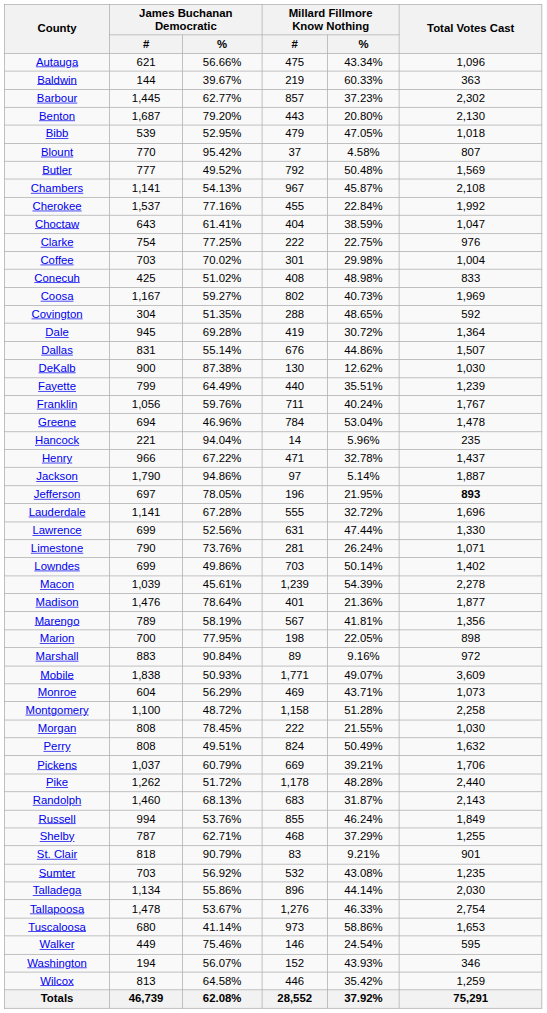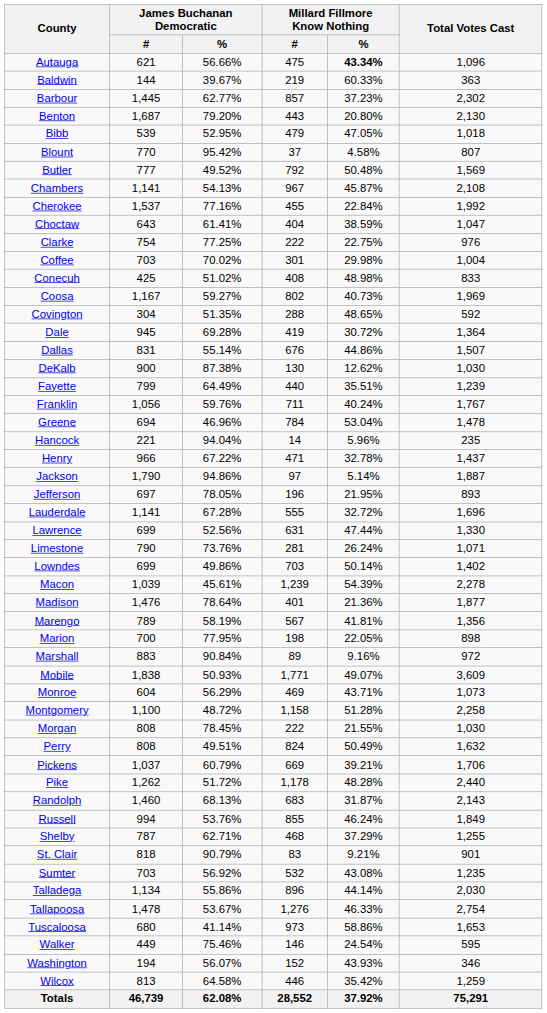 <table class="wikitable sortable" width="60%">
 <tr>
 <th rowspan="2">County</th>
 <th colspan="2">James Buchanan<br>Democratic</th>
 <th colspan="2">Millard Fillmore<br>Know Nothing</th>
 <th rowspan="2">Total Votes Cast</th>
 </tr>
 <tr>
 <th data-sort-type="number" style="text-align:center;">#</th>
 <th data-sort-type="number" style="text-align:center;">%</th>
 <th data-sort-type="number" style="text-align:center;">#</th>
 <th data-sort-type="number" style="text-align:center;">%</th>
 </tr>
 <tr style="text-align:center;">
 <td><a href='#'>Autauga</a></td>
 <td>621</td>
 <td>56.66%</td>
 <td>475</td>
-<td>43.34%</td>
+<td><strong>43.34%</strong></td>
 <td>1,096</td>
 </tr>
 <tr style="text-align:center;">
 <td><a href='#'>Baldwin</a></td>
 <td>144</td>
 <td>39.67%</td>
 <td>219</td>
 <td>60.33%</td>
 <td>363</td>
 </tr>
 <tr style="text-align:center;">
 <td><a href='#'>Barbour</a></td>
 <td>1,445</td>
 <td>62.77%</td>
 <td>857</td>
 <td>37.23%</td>
 <td>2,302</td>
 </tr>
 <tr style="text-align:center;">
 <td><a href='#'>Benton</a></td>
 <td>1,687</td>
 <td>79.20%</td>
 <td>443</td>
 <td>20.80%</td>
 <td>2,130</td>
 </tr>
 <tr style="text-align:center;">
 <td><a href='#'>Bibb</a></td>
 <td>539</td>
 <td>52.95%</td>
 <td>479</td>
 <td>47.05%</td>
 <td>1,018</td>
 </tr>
 <tr style="text-align:center;">
 <td><a href='#'>Blount</a></td>
 <td>770</td>
 <td>95.42%</td>
 <td>37</td>
 <td>4.58%</td>
 <td>807</td>
 </tr>
 <tr style="text-align:center;">
 <td><a href='#'>Butler</a></td>
 <td>777</td>
 <td>49.52%</td>
 <td>792</td>
 <td>50.48%</td>
 <td>1,569</td>
 </tr>
 <tr style="text-align:center;">
 <td><a href='#'>Chambers</a></td>
 <td>1,141</td>
 <td>54.13%</td>
 <td>967</td>
 <td>45.87%</td>
 <td>2,108</td>
 </tr>
 <tr style="text-align:center;">
 <td><a href='#'>Cherokee</a></td>
 <td>1,537</td>
 <td>77.16%</td>
 <td>455</td>
 <td>22.84%</td>
 <td>1,992</td>
 </tr>
 <tr style="text-align:center;">
 <td><a href='#'>Choctaw</a></td>
 <td>643</td>
 <td>61.41%</td>
 <td>404</td>
 <td>38.59%</td>
 <td>1,047</td>
 </tr>
 <tr style="text-align:center;">
 <td><a href='#'>Clarke</a></td>
 <td>754</td>
 <td>77.25%</td>
 <td>222</td>
 <td>22.75%</td>
 <td>976</td>
 </tr>
 <tr style="text-align:center;">
 <td><a href='#'>Coffee</a></td>
 <td>703</td>
 <td>70.02%</td>
 <td>301</td>
 <td>29.98%</td>
 <td>1,004</td>
 </tr>
 <tr style="text-align:center;">
 <td><a href='#'>Conecuh</a></td>
 <td>425</td>
 <td>51.02%</td>
 <td>408</td>
 <td>48.98%</td>
 <td>833</td>
 </tr>
 <tr style="text-align:center;">
 <td><a href='#'>Coosa</a></td>
 <td>1,167</td>
 <td>59.27%</td>
 <td>802</td>
 <td>40.73%</td>
 <td>1,969</td>
 </tr>
 <tr style="text-align:center;">
 <td><a href='#'>Covington</a></td>
 <td>304</td>
 <td>51.35%</td>
 <td>288</td>
 <td>48.65%</td>
 <td>592</td>
 </tr>
 <tr style="text-align:center;">
 <td><a href='#'>Dale</a></td>
 <td>945</td>
 <td>69.28%</td>
 <td>419</td>
 <td>30.72%</td>
 <td>1,364</td>
 </tr>
 <tr style="text-align:center;">
 <td><a href='#'>Dallas</a></td>
 <td>831</td>
 <td>55.14%</td>
 <td>676</td>
 <td>44.86%</td>
 <td>1,507</td>
 </tr>
 <tr style="text-align:center;">
 <td><a href='#'>DeKalb</a></td>
 <td>900</td>
 <td>87.38%</td>
 <td>130</td>
 <td>12.62%</td>
 <td>1,030</td>
 </tr>
 <tr style="text-align:center;">
 <td><a href='#'>Fayette</a></td>
 <td>799</td>
 <td>64.49%</td>
 <td>440</td>
 <td>35.51%</td>
 <td>1,239</td>
 </tr>
 <tr style="text-align:center;">
 <td><a href='#'>Franklin</a></td>
 <td>1,056</td>
 <td>59.76%</td>
 <td>711</td>
 <td>40.24%</td>
 <td>1,767</td>
 </tr>
 <tr style="text-align:center;">
 <td><a href='#'>Greene</a></td>
 <td>694</td>
 <td>46.96%</td>
 <td>784</td>
 <td>53.04%</td>
 <td>1,478</td>
 </tr>
 <tr style="text-align:center;">
 <td><a href='#'>Hancock</a></td>
 <td>221</td>
 <td>94.04%</td>
 <td>14</td>
 <td>5.96%</td>
 <td>235</td>
 </tr>
 <tr style="text-align:center;">
 <td><a href='#'>Henry</a></td>
 <td>966</td>
 <td>67.22%</td>
 <td>471</td>
 <td>32.78%</td>
 <td>1,437</td>
 </tr>
 <tr style="text-align:center;">
 <td><a href='#'>Jackson</a></td>
 <td>1,790</td>
 <td>94.86%</td>
 <td>97</td>
 <td>5.14%</td>
 <td>1,887</td>
 </tr>
 <tr style="text-align:center;">
 <td><a href='#'>Jefferson</a></td>
 <td>697</td>
 <td>78.05%</td>
 <td>196</td>
 <td>21.95%</td>
-<td><strong>893</strong></td>
+<td>893</td>
 </tr>
 <tr style="text-align:center;">
 <td><a href='#'>Lauderdale</a></td>
 <td>1,141</td>
 <td>67.28%</td>
 <td>555</td>
 <td>32.72%</td>
 <td>1,696</td>
 </tr>
 <tr style="text-align:center;">
 <td><a href='#'>Lawrence</a></td>
 <td>699</td>
 <td>52.56%</td>
 <td>631</td>
 <td>47.44%</td>
 <td>1,330</td>
 </tr>
 <tr style="text-align:center;">
 <td><a href='#'>Limestone</a></td>
 <td>790</td>
 <td>73.76%</td>
 <td>281</td>
 <td>26.24%</td>
 <td>1,071</td>
 </tr>
 <tr style="text-align:center;">
 <td><a href='#'>Lowndes</a></td>
 <td>699</td>
 <td>49.86%</td>
 <td>703</td>
 <td>50.14%</td>
 <td>1,402</td>
 </tr>
 <tr style="text-align:center;">
 <td><a href='#'>Macon</a></td>
 <td>1,039</td>
 <td>45.61%</td>
 <td>1,239</td>
 <td>54.39%</td>
 <td>2,278</td>
 </tr>
 <tr style="text-align:center;">
 <td><a href='#'>Madison</a></td>
 <td>1,476</td>
 <td>78.64%</td>
 <td>401</td>
 <td>21.36%</td>
 <td>1,877</td>
 </tr>
 <tr style="text-align:center;">
 <td><a href='#'>Marengo</a></td>
 <td>789</td>
 <td>58.19%</td>
 <td>567</td>
 <td>41.81%</td>
 <td>1,356</td>
 </tr>
 <tr style="text-align:center;">
 <td><a href='#'>Marion</a></td>
 <td>700</td>
 <td>77.95%</td>
 <td>198</td>
 <td>22.05%</td>
 <td>898</td>
 </tr>
 <tr style="text-align:center;">
 <td><a href='#'>Marshall</a></td>
 <td>883</td>
 <td>90.84%</td>
 <td>89</td>
 <td>9.16%</td>
 <td>972</td>
 </tr>
 <tr style="text-align:center;">
 <td><a href='#'>Mobile</a></td>
 <td>1,838</td>
 <td>50.93%</td>
 <td>1,771</td>
 <td>49.07%</td>
 <td>3,609</td>
 </tr>
 <tr style="text-align:center;">
 <td><a href='#'>Monroe</a></td>
 <td>604</td>
 <td>56.29%</td>
 <td>469</td>
 <td>43.71%</td>
 <td>1,073</td>
 </tr>
 <tr style="text-align:center;">
 <td><a href='#'>Montgomery</a></td>
 <td>1,100</td>
 <td>48.72%</td>
 <td>1,158</td>
 <td>51.28%</td>
 <td>2,258</td>
 </tr>
 <tr style="text-align:center;">
 <td><a href='#'>Morgan</a></td>
 <td>808</td>
 <td>78.45%</td>
 <td>222</td>
 <td>21.55%</td>
 <td>1,030</td>
 </tr>
 <tr style="text-align:center;">
 <td><a href='#'>Perry</a></td>
 <td>808</td>
 <td>49.51%</td>
 <td>824</td>
 <td>50.49%</td>
 <td>1,632</td>
 </tr>
 <tr style="text-align:center;">
 <td><a href='#'>Pickens</a></td>
 <td>1,037</td>
 <td>60.79%</td>
 <td>669</td>
 <td>39.21%</td>
 <td>1,706</td>
 </tr>
 <tr style="text-align:center;">
 <td><a href='#'>Pike</a></td>
 <td>1,262</td>
 <td>51.72%</td>
 <td>1,178</td>
 <td>48.28%</td>
 <td>2,440</td>
 </tr>
 <tr style="text-align:center;">
 <td><a href='#'>Randolph</a></td>
 <td>1,460</td>
 <td>68.13%</td>
 <td>683</td>
 <td>31.87%</td>
 <td>2,143</td>
 </tr>
 <tr style="text-align:center;">
 <td><a href='#'>Russell</a></td>
 <td>994</td>
 <td>53.76%</td>
 <td>855</td>
 <td>46.24%</td>
 <td>1,849</td>
 </tr>
 <tr style="text-align:center;">
 <td><a href='#'>Shelby</a></td>
 <td>787</td>
 <td>62.71%</td>
 <td>468</td>
 <td>37.29%</td>
 <td>1,255</td>
 </tr>
 <tr style="text-align:center;">
 <td><a href='#'>St. Clair</a></td>
 <td>818</td>
 <td>90.79%</td>
 <td>83</td>
 <td>9.21%</td>
 <td>901</td>
 </tr>
 <tr style="text-align:center;">
 <td><a href='#'>Sumter</a></td>
 <td>703</td>
 <td>56.92%</td>
 <td>532</td>
 <td>43.08%</td>
 <td>1,235</td>
 </tr>
 <tr style="text-align:center;">
 <td><a href='#'>Talladega</a></td>
 <td>1,134</td>
 <td>55.86%</td>
 <td>896</td>
 <td>44.14%</td>
 <td>2,030</td>
 </tr>
 <tr style="text-align:center;">
 <td><a href='#'>Tallapoosa</a></td>
 <td>1,478</td>
 <td>53.67%</td>
 <td>1,276</td>
 <td>46.33%</td>
 <td>2,754</td>
 </tr>
 <tr style="text-align:center;">
 <td><a href='#'>Tuscaloosa</a></td>
 <td>680</td>
 <td>41.14%</td>
 <td>973</td>
 <td>58.86%</td>
 <td>1,653</td>
 </tr>
 <tr style="text-align:center;">
 <td><a href='#'>Walker</a></td>
 <td>449</td>
 <td>75.46%</td>
 <td>146</td>
 <td>24.54%</td>
 <td>595</td>
 </tr>
 <tr style="text-align:center;">
 <td><a href='#'>Washington</a></td>
 <td>194</td>
 <td>56.07%</td>
 <td>152</td>
 <td>43.93%</td>
 <td>346</td>
 </tr>
 <tr style="text-align:center;">
 <td><a href='#'>Wilcox</a></td>
 <td>813</td>
 <td>64.58%</td>
 <td>446</td>
 <td>35.42%</td>
 <td>1,259</td>
 </tr>
 <tr>
 <th>Totals</th>
 <th>46,739</th>
 <th>62.08%</th>
 <th>28,552</th>
 <th>37.92%</th>
 <th>75,291</th>
 </tr>
 </table>
